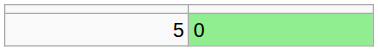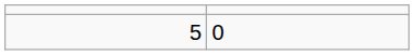 <table class="wikitable">
 <tr>
 <td align=center width=140></td>
 <td align=center width=140></td>
 </tr>
 <tr>
 <td align=right>5</td>
-<td style="background: lightgreen;">0</td>
+<td>0</td>
 </tr>
 </table>
